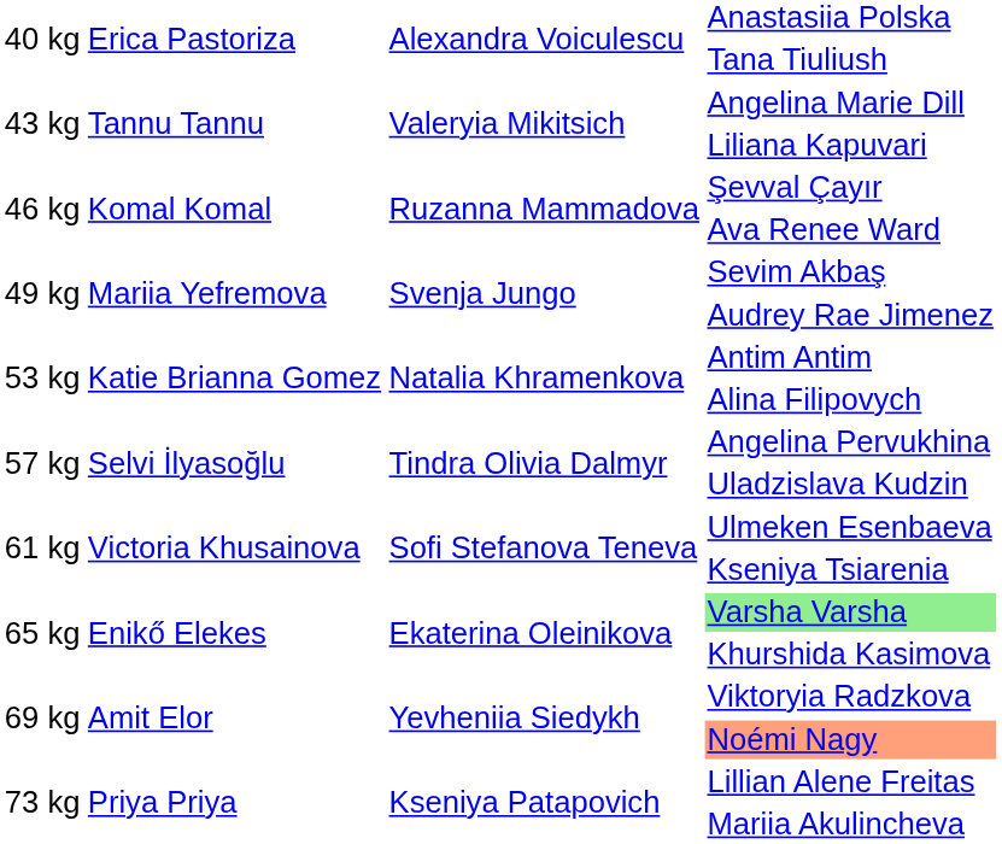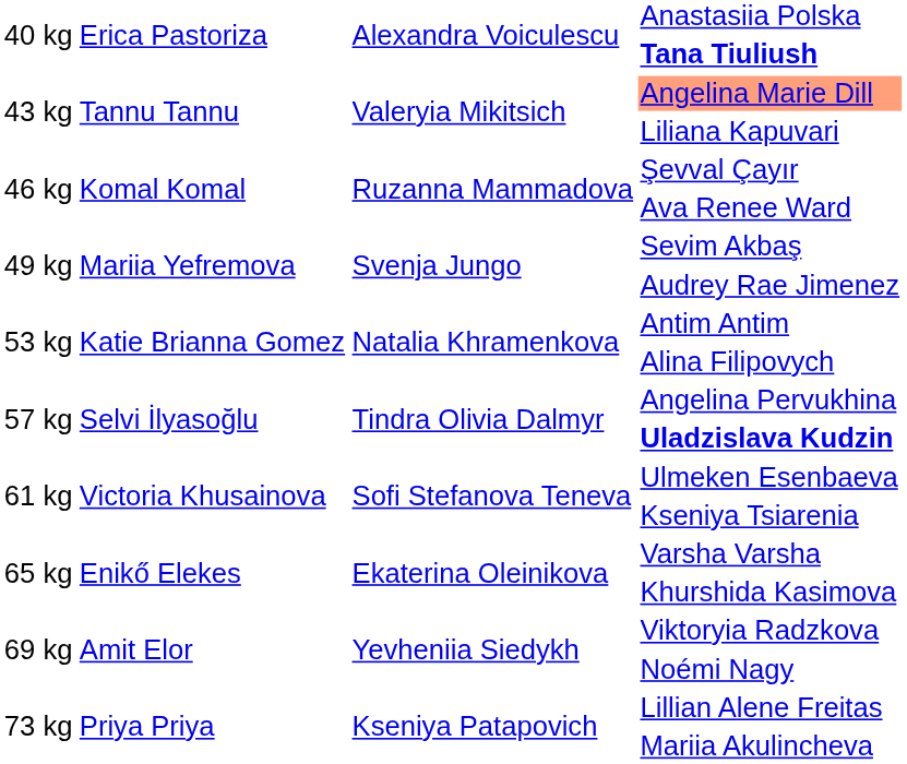 <table>
 <tr>
 <td rowspan=2>40 kg</td>
 <td rowspan=2> <a href='#'>Erica Pastoriza</a></td>
 <td rowspan=2> <a href='#'>Alexandra Voiculescu</a></td>
 <td> <a href='#'>Anastasiia Polska</a></td>
 </tr>
 <tr>
-<td> <a href='#'>Tana Tiuliush</a></td>
+<td><strong> <a href='#'>Tana Tiuliush</a></strong></td>
 </tr>
 <tr>
 <td rowspan=2>43 kg</td>
 <td rowspan=2> <a href='#'>Tannu Tannu</a></td>
 <td rowspan=2> <a href='#'>Valeryia Mikitsich</a></td>
-<td> <a href='#'>Angelina Marie Dill</a></td>
+<td style="background: lightsalmon;"> <a href='#'>Angelina Marie Dill</a></td>
 </tr>
 <tr>
 <td> <a href='#'>Liliana Kapuvari</a></td>
 </tr>
 <tr>
 <td rowspan=2>46 kg</td>
 <td rowspan=2> <a href='#'>Komal Komal</a></td>
 <td rowspan=2> <a href='#'>Ruzanna Mammadova</a></td>
 <td> <a href='#'>Şevval Çayır</a></td>
 </tr>
 <tr>
 <td> <a href='#'>Ava Renee Ward</a></td>
 </tr>
 <tr>
 <td rowspan=2>49 kg</td>
 <td rowspan=2> <a href='#'>Mariia Yefremova</a></td>
 <td rowspan=2> <a href='#'>Svenja Jungo</a></td>
 <td> <a href='#'>Sevim Akbaş</a></td>
 </tr>
 <tr>
 <td> <a href='#'>Audrey Rae Jimenez</a></td>
 </tr>
 <tr>
 <td rowspan=2>53 kg</td>
 <td rowspan=2> <a href='#'>Katie Brianna Gomez</a></td>
 <td rowspan=2> <a href='#'>Natalia Khramenkova</a></td>
 <td> <a href='#'>Antim Antim</a></td>
 </tr>
 <tr>
 <td> <a href='#'>Alina Filipovych</a></td>
 </tr>
 <tr>
 <td rowspan=2>57 kg</td>
 <td rowspan=2> <a href='#'>Selvi İlyasoğlu</a></td>
 <td rowspan=2> <a href='#'>Tindra Olivia Dalmyr</a></td>
 <td> <a href='#'>Angelina Pervukhina</a></td>
 </tr>
 <tr>
-<td> <a href='#'>Uladzislava Kudzin</a></td>
+<td><strong> <a href='#'>Uladzislava Kudzin</a></strong></td>
 </tr>
 <tr>
 <td rowspan=2>61 kg</td>
 <td rowspan=2> <a href='#'>Victoria Khusainova</a></td>
 <td rowspan=2> <a href='#'>Sofi Stefanova Teneva</a></td>
 <td> <a href='#'>Ulmeken Esenbaeva</a></td>
 </tr>
 <tr>
 <td> <a href='#'>Kseniya Tsiarenia</a></td>
 </tr>
 <tr>
 <td rowspan=2>65 kg</td>
 <td rowspan=2> <a href='#'>Enikő Elekes</a></td>
 <td rowspan=2> <a href='#'>Ekaterina Oleinikova</a></td>
-<td style="background: lightgreen;"> <a href='#'>Varsha Varsha</a></td>
+<td> <a href='#'>Varsha Varsha</a></td>
 </tr>
 <tr>
 <td> <a href='#'>Khurshida Kasimova</a></td>
 </tr>
 <tr>
 <td rowspan=2>69 kg</td>
 <td rowspan=2> <a href='#'>Amit Elor</a></td>
 <td rowspan=2> <a href='#'>Yevheniia Siedykh</a></td>
 <td> <a href='#'>Viktoryia Radzkova</a></td>
 </tr>
 <tr>
-<td style="background: lightsalmon;"> <a href='#'>Noémi Nagy</a></td>
+<td> <a href='#'>Noémi Nagy</a></td>
 </tr>
 <tr>
 <td rowspan=2>73 kg</td>
 <td rowspan=2> <a href='#'>Priya Priya</a></td>
 <td rowspan=2> <a href='#'>Kseniya Patapovich</a></td>
 <td> <a href='#'>Lillian Alene Freitas</a></td>
 </tr>
 <tr>
 <td> <a href='#'>Mariia Akulincheva</a></td>
 </tr>
 </table>
